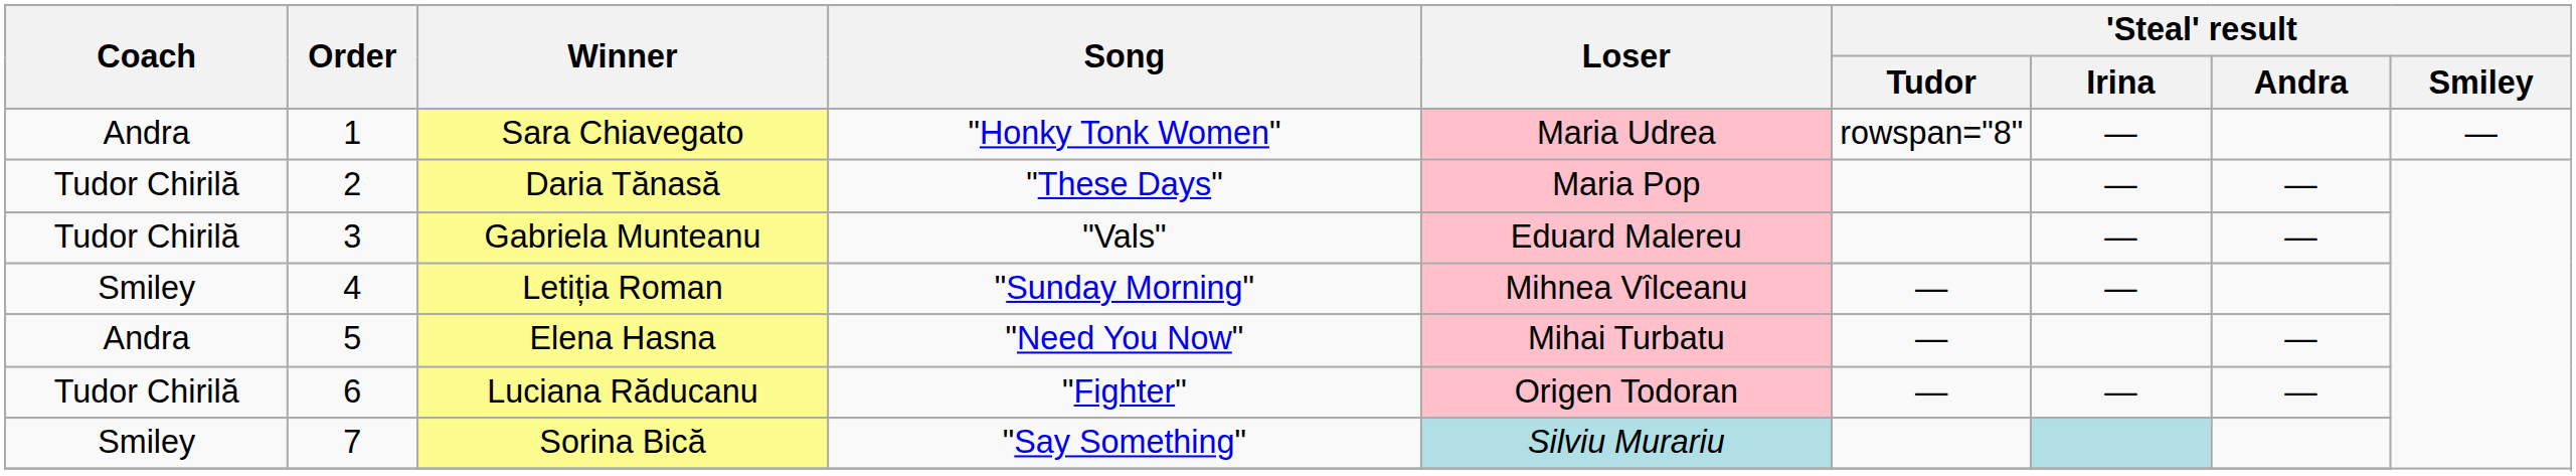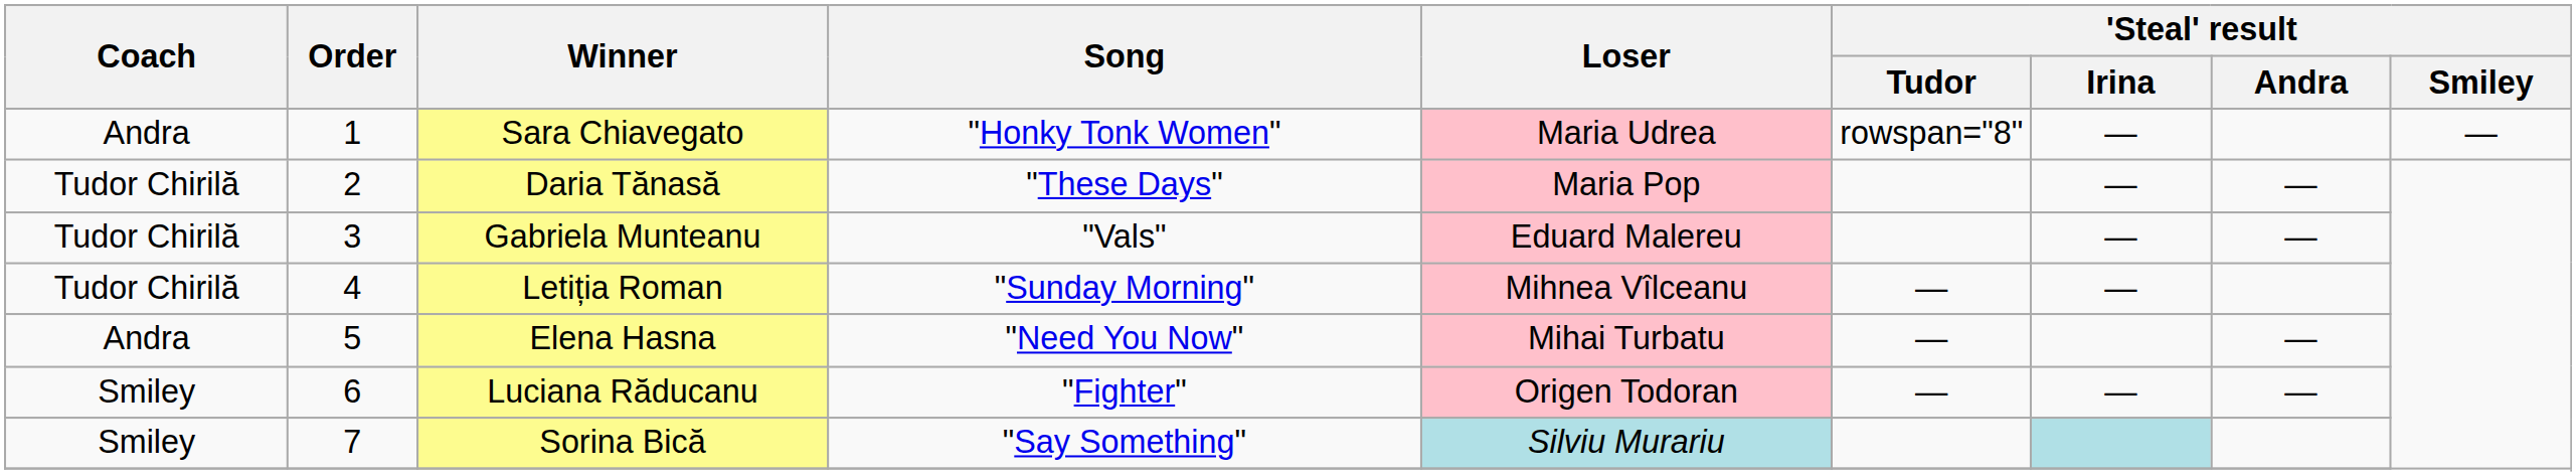 <table class="wikitable" style="text-align: center; width:100%;">
 <tr>
 <th rowspan="2" style="width:11%;">Coach</th>
 <th rowspan="2" style="width:05%;">Order</th>
 <th rowspan="2" style="width:16%;">Winner</th>
 <th rowspan="2" style="width:23%;">Song</th>
 <th rowspan="2" style="width:16%;">Loser</th>
 <th colspan="4" style="width:28%;">'Steal' result</th>
 </tr>
 <tr>
 <th style="width:07%;">Tudor</th>
 <th style="width:07%;">Irina</th>
 <th style="width:07%;">Andra</th>
 <th style="width:07%;">Smiley</th>
 </tr>
 <tr>
 <td>Andra</td>
 <td>1</td>
 <td bgcolor="#fdfc8f">Sara Chiavegato</td>
 <td>"<a href='#'>Honky Tonk Women</a>"</td>
 <td bgcolor="pink">Maria Udrea</td>
 <td>rowspan="8" </td>
 <td>—</td>
 <td></td>
 <td>—</td>
 </tr>
 <tr>
 <td>Tudor Chirilă</td>
 <td>2</td>
 <td bgcolor="#fdfc8f">Daria Tănasă</td>
 <td>"<a href='#'>These Days</a>"</td>
 <td bgcolor="pink">Maria Pop</td>
 <td></td>
 <td>—</td>
 <td>—</td>
 </tr>
 <tr>
 <td>Tudor Chirilă</td>
 <td>3</td>
 <td bgcolor="#fdfc8f">Gabriela Munteanu</td>
 <td>"Vals"</td>
 <td bgcolor="pink">Eduard Malereu</td>
 <td></td>
 <td>—</td>
 <td>—</td>
 </tr>
 <tr>
-<td>Smiley</td>
+<td>Tudor Chirilă</td>
 <td>4</td>
 <td bgcolor="#fdfc8f">Letiția Roman</td>
 <td>"<a href='#'>Sunday Morning</a>"</td>
 <td bgcolor="pink">Mihnea Vîlceanu</td>
 <td>—</td>
 <td>—</td>
 <td></td>
 </tr>
 <tr>
 <td>Andra</td>
 <td>5</td>
 <td bgcolor="#fdfc8f">Elena Hasna</td>
 <td>"<a href='#'>Need You Now</a>"</td>
 <td bgcolor="pink">Mihai Turbatu</td>
 <td>—</td>
 <td></td>
 <td>—</td>
 </tr>
 <tr>
-<td>Tudor Chirilă</td>
+<td>Smiley</td>
 <td>6</td>
 <td bgcolor="#fdfc8f">Luciana Răducanu</td>
 <td>"<a href='#'>Fighter</a>"</td>
 <td bgcolor="pink">Origen Todoran</td>
 <td>—</td>
 <td>—</td>
 <td>—</td>
 </tr>
 <tr>
 <td>Smiley</td>
 <td>7</td>
 <td bgcolor="#fdfc8f">Sorina Bică</td>
 <td>"<a href='#'>Say Something</a>"</td>
 <td bgcolor="#b0e0e6"><em>Silviu Murariu</em></td>
 <td><strong></strong></td>
 <td bgcolor="#b0e0e6"><strong></strong></td>
 <td></td>
 </tr>
 <tr>
 </tr>
 </table>
